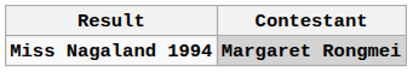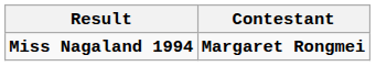 <table class="wikitable">
 <tr>
 <th>Result</th>
 <th>Contestant</th>
 </tr>
 <tr>
 <td><strong>Miss Nagaland 1994</strong></td>
-<td style="background: lightgrey;"><strong>Margaret Rongmei</strong></td>
+<td><strong>Margaret Rongmei</strong></td>
 </tr>
 </table>
